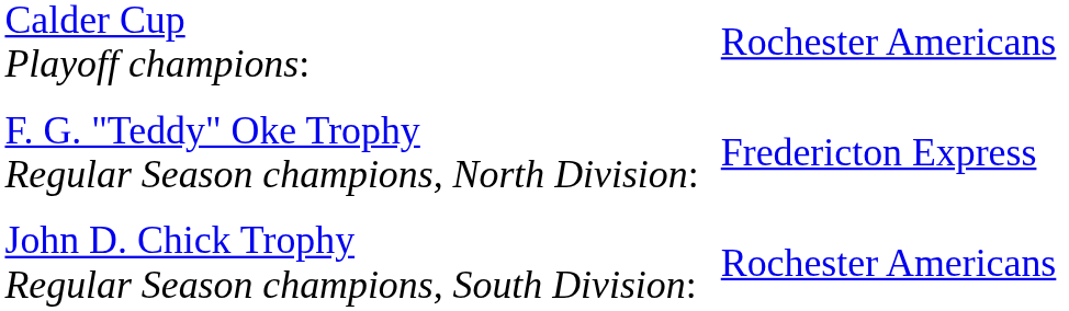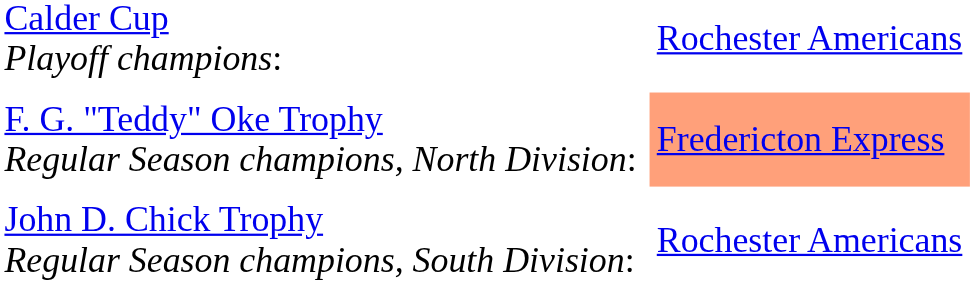 <table cellpadding="3" cellspacing="3">
 <tr>
 <td><a href='#'>Calder Cup</a><br><em>Playoff champions</em>:</td>
 <td><a href='#'>Rochester Americans</a></td>
 </tr>
 <tr>
 <td><a href='#'>F. G. "Teddy" Oke Trophy</a><br><em>Regular Season champions, North Division</em>:</td>
-<td><a href='#'>Fredericton Express</a></td>
+<td style="background: lightsalmon;"><a href='#'>Fredericton Express</a></td>
 </tr>
 <tr>
 <td><a href='#'>John D. Chick Trophy</a><br><em>Regular Season champions, South Division</em>:</td>
 <td><a href='#'>Rochester Americans</a></td>
 </tr>
 </table>
